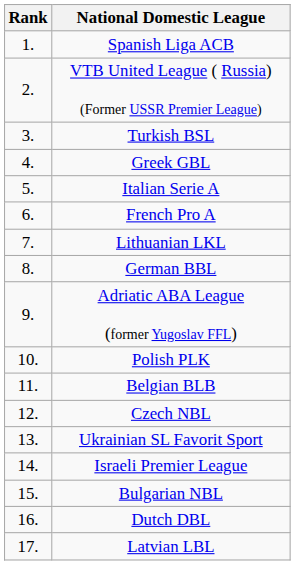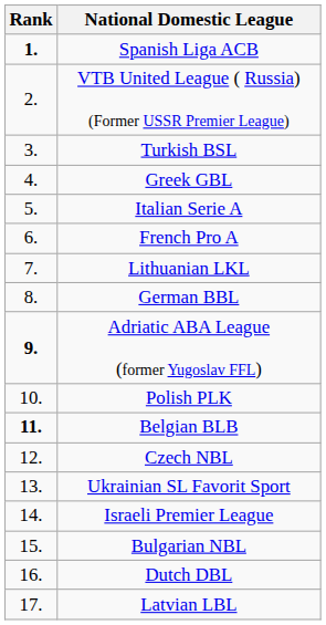 <table class="wikitable sortable" style="text-align:center;">
 <tr>
 <th>Rank</th>
 <th width = 220px>National Domestic League</th>
 </tr>
 <tr>
-<td>1.</td>
+<td><strong>1.</strong></td>
 <td> <a href='#'>Spanish Liga ACB</a><br></td>
 </tr>
 <tr>
 <td>2.</td>
 <td><a href='#'>VTB United League</a> ( <a href='#'>Russia</a>)<br>        <br> <small>(Former  <a href='#'>USSR Premier League</a>)</small></td>
 </tr>
 <tr>
 <td>3.</td>
 <td> <a href='#'>Turkish BSL</a><br></td>
 </tr>
 <tr>
 <td>4.</td>
 <td> <a href='#'>Greek GBL</a><br></td>
 </tr>
 <tr>
 <td>5.</td>
 <td> <a href='#'>Italian Serie A</a><br></td>
 </tr>
 <tr>
 <td>6.</td>
 <td> <a href='#'>French Pro A</a><br></td>
 </tr>
 <tr>
 <td>7.</td>
 <td> <a href='#'>Lithuanian LKL</a><br></td>
 </tr>
 <tr>
 <td>8.</td>
 <td> <a href='#'>German BBL</a><br></td>
 </tr>
 <tr>
-<td>9.</td>
+<td><strong>9.</strong></td>
 <td><a href='#'>Adriatic ABA League</a><br>       <br> (<small>former  <a href='#'>Yugoslav FFL</a></small>)<br></td>
 </tr>
 <tr>
 <td>10.</td>
 <td> <a href='#'>Polish PLK</a><br></td>
 </tr>
 <tr>
-<td>11.</td>
+<td><strong>11.</strong></td>
 <td> <a href='#'>Belgian BLB</a><br></td>
 </tr>
 <tr>
 <td>12.</td>
 <td> <a href='#'>Czech NBL</a><br></td>
 </tr>
 <tr>
 <td>13.</td>
 <td> <a href='#'>Ukrainian SL Favorit Sport</a><br></td>
 </tr>
 <tr>
 <td>14.</td>
 <td> <a href='#'>Israeli Premier League</a><br></td>
 </tr>
 <tr>
 <td>15.</td>
 <td> <a href='#'>Bulgarian NBL</a><br></td>
 </tr>
 <tr>
 <td>16.</td>
 <td> <a href='#'>Dutch DBL</a><br></td>
 </tr>
 <tr>
 <td>17.</td>
 <td> <a href='#'>Latvian LBL</a><br></td>
 </tr>
 </table>
